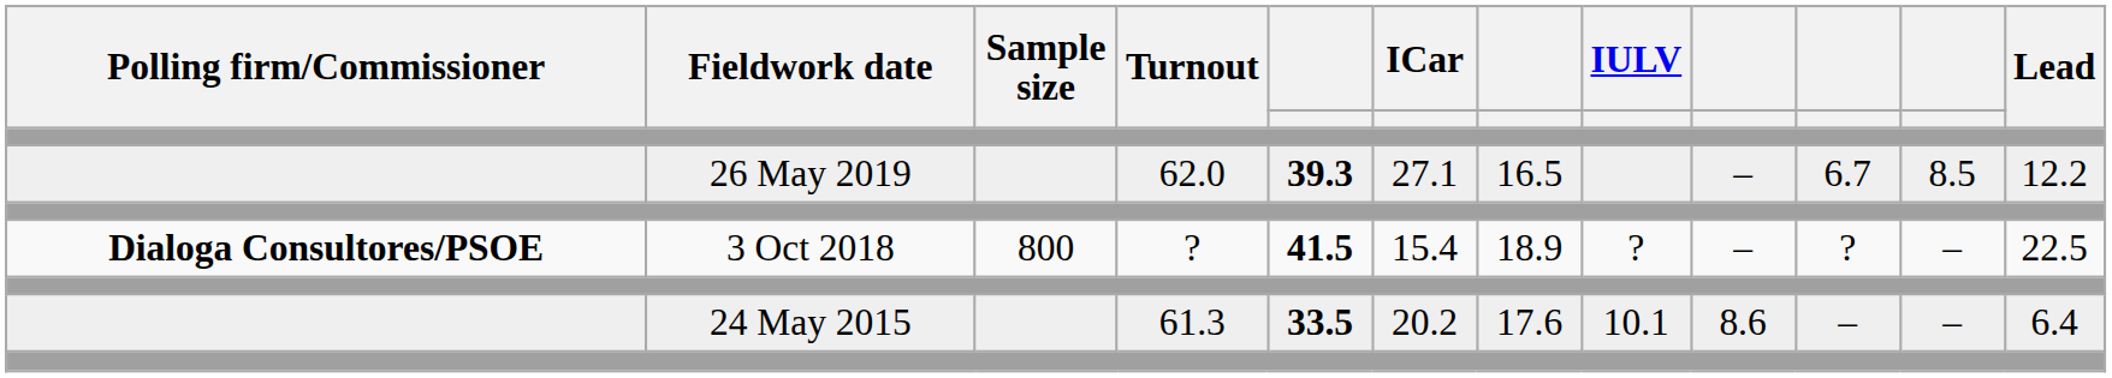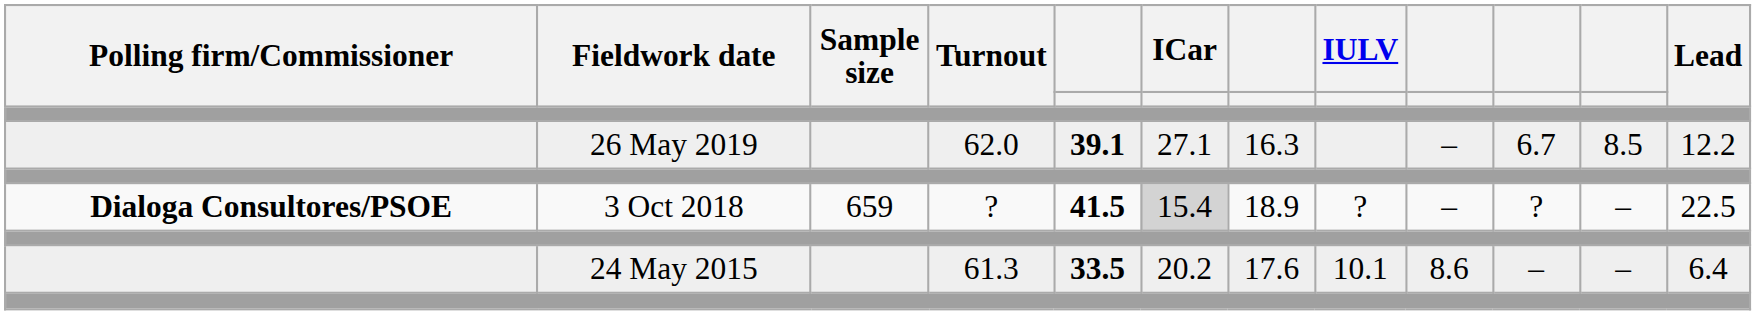 <table class="wikitable collapsible collapsed" style="text-align:center; font-size:95%; line-height:16px;">
 <tr style="height:42px;">
 <th style="width:250px;" rowspan="2">Polling firm/Commissioner</th>
 <th style="width:125px;" rowspan="2">Fieldwork date</th>
 <th style="width:50px;" rowspan="2">Sample size</th>
 <th style="width:45px;" rowspan="2">Turnout</th>
 <th style="width:35px;"></th>
 <th style="width:35px;">ICar</th>
 <th style="width:35px;"></th>
 <th style="width:35px;"><a href='#'>IULV</a></th>
 <th style="width:35px;"></th>
 <th style="width:35px;"></th>
 <th style="width:35px;"></th>
 <th style="width:30px;" rowspan="2">Lead</th>
 </tr>
 <tr>
 <th style="color:inherit;background:"></th>
 <th style="color:inherit;background:"></th>
 <th style="color:inherit;background:"></th>
 <th style="color:inherit;background:"></th>
 <th style="color:inherit;background:"></th>
 <th style="color:inherit;background:"></th>
 <th style="color:inherit;background:"></th>
 </tr>
 <tr>
 <td colspan="12" style="background:#A0A0A0"></td>
 </tr>
 <tr style="background:#EFEFEF;">
 <td><strong></strong></td>
 <td>26 May 2019</td>
 <td></td>
 <td>62.0</td>
-<td><strong>39.3</strong><br></td>
+<td><strong>39.1</strong><br></td>
 <td>27.1<br></td>
-<td>16.5<br></td>
+<td>16.3<br></td>
 <td></td>
 <td>–</td>
 <td>6.7<br></td>
 <td>8.5<br></td>
 <td style="background:">12.2</td>
 </tr>
 <tr>
 <td colspan="12" style="background:#A0A0A0"></td>
 </tr>
 <tr>
 <td><strong>Dialoga Consultores/PSOE</strong></td>
 <td>3 Oct 2018</td>
-<td>800</td>
+<td>659</td>
 <td>?</td>
 <td><strong>41.5</strong><br></td>
-<td>15.4<br></td>
+<td style="background: lightgrey;">15.4<br></td>
 <td>18.9<br></td>
 <td>?<br></td>
 <td>–</td>
 <td>?<br></td>
 <td>–</td>
 <td style="background:">22.5</td>
 </tr>
 <tr>
 <td colspan="12" style="background:#A0A0A0"></td>
 </tr>
 <tr style="background:#EFEFEF;">
 <td><strong></strong></td>
 <td>24 May 2015</td>
 <td></td>
 <td>61.3</td>
 <td><strong>33.5</strong><br></td>
 <td>20.2<br></td>
 <td>17.6<br></td>
 <td>10.1<br></td>
 <td>8.6<br></td>
 <td>–</td>
 <td>–</td>
 <td style="background:">6.4</td>
 </tr>
 <tr>
 <td colspan="12" style="background:#A0A0A0"></td>
 </tr>
 </table>
